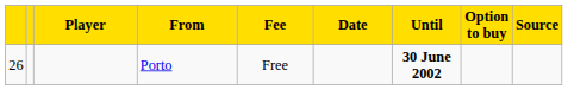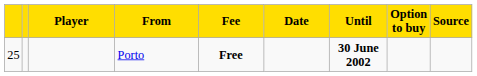 <table class="wikitable sortable">
 <tr>
 <th style="background:#FFDE00"></th>
 <th style="background:#FFDE00"></th>
 <th width=200 style="background:#FFDE00">Player</th>
 <th width=200 style="background:#FFDE00">From</th>
 <th width=150 style="background:#FFDE00">Fee</th>
 <th width=150 style="background:#FFDE00">Date</th>
 <th width=120 style="background:#FFDE00">Until</th>
 <th style="background:#FFDE00">Option to buy</th>
 <th style="background:#FFDE00">Source</th>
 </tr>
 <tr>
-<td align=center>26</td>
+<td align=center>25</td>
 <td align=center></td>
 <td></td>
 <td> <a href='#'>Porto</a></td>
-<td align=center>Free</td>
+<td align=center><strong>Free</strong></td>
 <td align=center></td>
 <td align=center><strong>30 June 2002</strong></td>
 <td align=center></td>
 <td align=center></td>
 </tr>
 </table>
